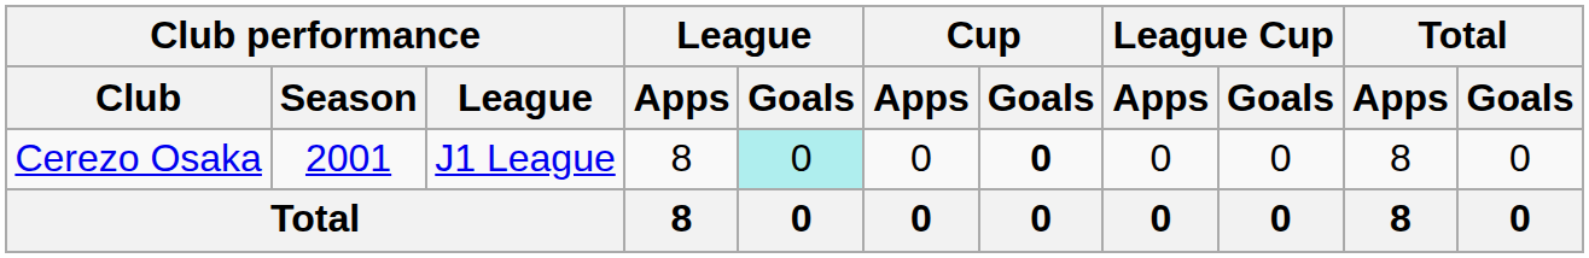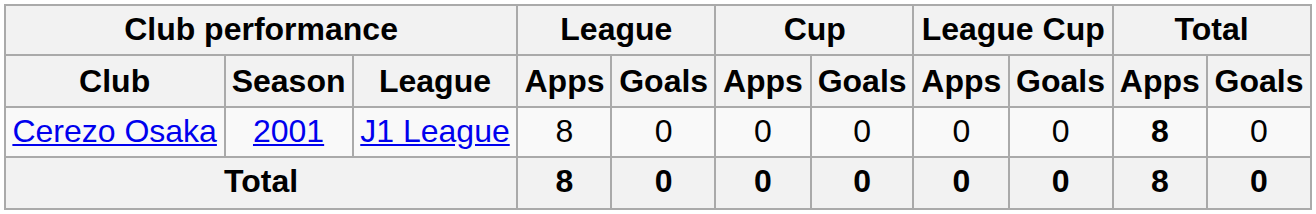 <table class="wikitable" style="text-align:center;">
 <tr>
 <th colspan=3>Club performance</th>
 <th colspan=2>League</th>
 <th colspan=2>Cup</th>
 <th colspan=2>League Cup</th>
 <th colspan=2>Total</th>
 </tr>
 <tr>
 <th>Club</th>
 <th>Season</th>
 <th>League</th>
 <th>Apps</th>
 <th>Goals</th>
 <th>Apps</th>
 <th>Goals</th>
 <th>Apps</th>
 <th>Goals</th>
 <th>Apps</th>
 <th>Goals</th>
 </tr>
 <tr>
 <td><a href='#'>Cerezo Osaka</a></td>
 <td><a href='#'>2001</a></td>
 <td><a href='#'>J1 League</a></td>
 <td>8</td>
-<td style="background: paleturquoise;">0</td>
-<td>0</td>
-<td><strong>0</strong></td>
 <td>0</td>
 <td>0</td>
-<td>8</td>
+<td>0</td>
+<td>0</td>
+<td>0</td>
+<td><strong>8</strong></td>
 <td>0</td>
 </tr>
 <tr>
 <th colspan=3>Total</th>
 <th>8</th>
 <th>0</th>
 <th>0</th>
 <th>0</th>
 <th>0</th>
 <th>0</th>
 <th>8</th>
 <th>0</th>
 </tr>
 </table>
